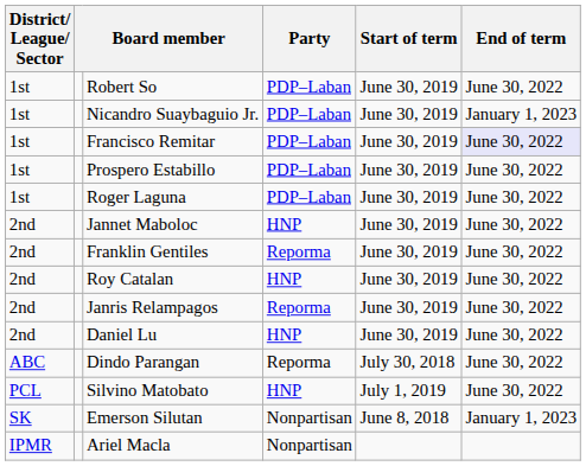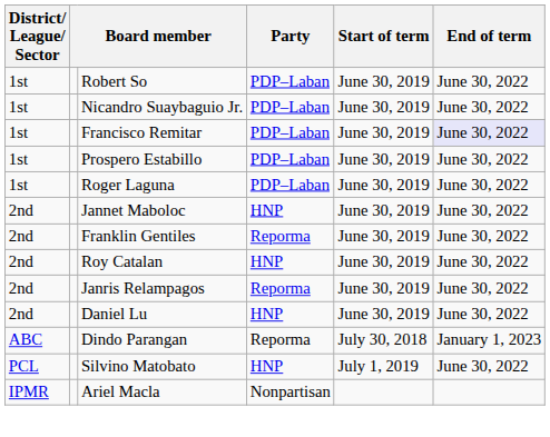 <table class="wikitable">
 <tr>
 <th>District/<br>League/<br>Sector</th>
 <th colspan="2">Board member</th>
 <th>Party</th>
 <th>Start of term</th>
 <th>End of term</th>
 </tr>
 <tr>
 <td>1st</td>
 <td></td>
 <td>Robert So</td>
 <td><a href='#'>PDP–Laban</a></td>
 <td>June 30, 2019</td>
 <td>June 30, 2022</td>
 </tr>
 <tr>
 <td>1st</td>
 <td></td>
 <td>Nicandro Suaybaguio Jr.</td>
 <td><a href='#'>PDP–Laban</a></td>
 <td>June 30, 2019</td>
-<td>January 1, 2023</td>
+<td>June 30, 2022</td>
 </tr>
 <tr>
 <td>1st</td>
 <td></td>
 <td>Francisco Remitar</td>
 <td><a href='#'>PDP–Laban</a></td>
 <td>June 30, 2019</td>
 <td style="background: lavender;">June 30, 2022</td>
 </tr>
 <tr>
 <td>1st</td>
 <td></td>
 <td>Prospero Estabillo</td>
 <td><a href='#'>PDP–Laban</a></td>
 <td>June 30, 2019</td>
 <td>June 30, 2022</td>
 </tr>
 <tr>
 <td>1st</td>
 <td></td>
 <td>Roger Laguna</td>
 <td><a href='#'>PDP–Laban</a></td>
 <td>June 30, 2019</td>
 <td>June 30, 2022</td>
 </tr>
 <tr>
 <td>2nd</td>
 <td></td>
 <td>Jannet Maboloc</td>
 <td><a href='#'>HNP</a></td>
 <td>June 30, 2019</td>
 <td>June 30, 2022</td>
 </tr>
 <tr>
 <td>2nd</td>
 <td></td>
 <td>Franklin Gentiles</td>
 <td><a href='#'>Reporma</a></td>
 <td>June 30, 2019</td>
 <td>June 30, 2022</td>
 </tr>
 <tr>
 <td>2nd</td>
 <td></td>
 <td>Roy Catalan</td>
 <td><a href='#'>HNP</a></td>
 <td>June 30, 2019</td>
 <td>June 30, 2022</td>
 </tr>
 <tr>
 <td>2nd</td>
 <td></td>
 <td>Janris Relampagos</td>
 <td><a href='#'>Reporma</a></td>
 <td>June 30, 2019</td>
 <td>June 30, 2022</td>
 </tr>
 <tr>
 <td>2nd</td>
 <td></td>
 <td>Daniel Lu</td>
 <td><a href='#'>HNP</a></td>
 <td>June 30, 2019</td>
 <td>June 30, 2022</td>
 </tr>
 <tr>
 <td><a href='#'>ABC</a></td>
 <td></td>
 <td>Dindo Parangan</td>
 <td>Reporma</td>
 <td>July 30, 2018</td>
-<td>June 30, 2022</td>
+<td>January 1, 2023</td>
 </tr>
 <tr>
 <td><a href='#'>PCL</a></td>
 <td></td>
 <td>Silvino Matobato</td>
 <td><a href='#'>HNP</a></td>
 <td>July 1, 2019</td>
 <td>June 30, 2022</td>
 </tr>
 <tr>
-<td><a href='#'>SK</a></td>
-<td></td>
-<td>Emerson Silutan</td>
-<td>Nonpartisan</td>
-<td>June 8, 2018</td>
-<td>January 1, 2023</td>
-</tr>
-<tr>
 <td><a href='#'>IPMR</a></td>
 <td></td>
 <td>Ariel Macla</td>
 <td>Nonpartisan</td>
 <td></td>
 <td></td>
 </tr>
 </table>
